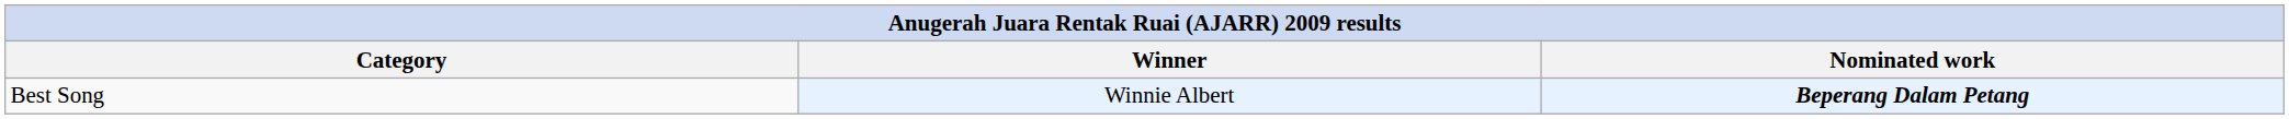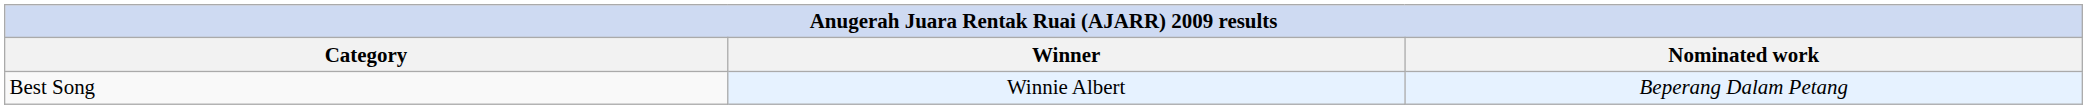 <table class="wikitable" style="width:80%; text-align:center;">
 <tr style="background:#cedaf2;">
 <td Colspan="5"><strong>Anugerah Juara Rentak Ruai (AJARR) 2009 results</strong></td>
 </tr>
 <tr>
 <th style="width:16%;">Category</th>
 <th style="width:15%;">Winner</th>
 <th style="width:15%;">Nominated work</th>
 </tr>
 <tr>
 <td style="text-align:left;">Best Song</td>
 <td Style="background:#E6F2FF;">Winnie Albert</td>
-<td Style="background:#E6F2FF;"><strong><em>Beperang Dalam Petang</em></strong></td>
+<td Style="background:#E6F2FF;"><em>Beperang Dalam Petang</em></td>
 </tr>
 </table>
